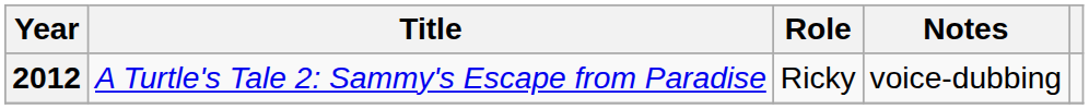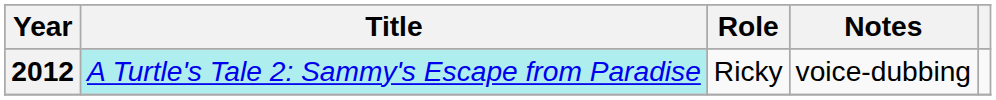 <table class="wikitable sortable plainrowheaders">
 <tr>
 <th scope="col">Year</th>
 <th scope="col">Title</th>
 <th scope="col">Role</th>
 <th scope="col">Notes</th>
 <th scope="col" class="unsortable"></th>
 </tr>
 <tr>
 <th scope="row">2012</th>
-<td><em><a href='#'>A Turtle's Tale 2: Sammy's Escape from Paradise</a> </em></td>
+<td style="background: paleturquoise;"><em><a href='#'>A Turtle's Tale 2: Sammy's Escape from Paradise</a> </em></td>
 <td>Ricky</td>
 <td>voice-dubbing</td>
 <td style="text-align:center"></td>
 </tr>
 <tr>
 </tr>
 </table>
